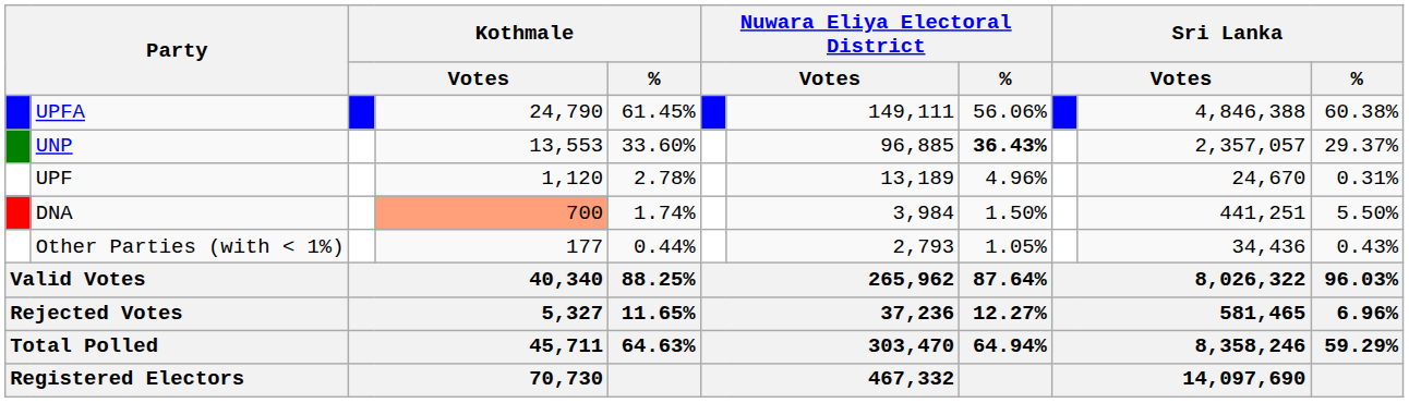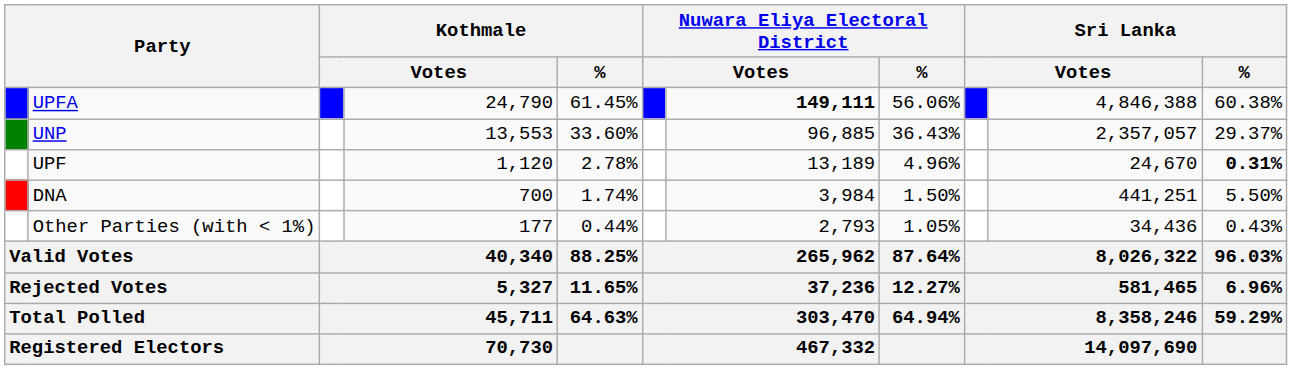 <table class="wikitable">
 <tr>
 <th colspan="2" width="144px"rowspan="2">Party</th>
 <th colspan="3" width="216px">Kothmale</th>
 <th colspan="3" width="216px"><a href='#'>Nuwara Eliya Electoral District</a></th>
 <th colspan="3" width="216px">Sri Lanka</th>
 </tr>
 <tr>
 <th colspan="2" width="144px">Votes</th>
 <th>%</th>
 <th colspan="2" width="144px">Votes</th>
 <th>%</th>
 <th colspan="2" width="144px">Votes</th>
 <th>%</th>
 </tr>
 <tr>
 <td style="background-color:blue;" width="10px"></td>
 <td style="text-align:left;"><a href='#'>UPFA</a></td>
 <td style="background-color:blue;" width="10px"></td>
 <td style="text-align:right;">24,790</td>
 <td style="text-align:right;">61.45%</td>
 <td style="background-color:blue;" width="10px"></td>
-<td style="text-align:right;">149,111</td>
+<td style="text-align:right;"><strong>149,111</strong></td>
 <td style="text-align:right;">56.06%</td>
 <td style="background-color:blue;" width="10px"></td>
 <td style="text-align:right;">4,846,388</td>
 <td style="text-align:right;">60.38%</td>
 </tr>
 <tr>
 <td style="background-color:green;" width="10px"></td>
 <td style="text-align:left;"><a href='#'>UNP</a></td>
 <td style="background-color:white;" width="10px"></td>
 <td style="text-align:right;">13,553</td>
 <td style="text-align:right;">33.60%</td>
 <td style="background-color:white;" width="10px"></td>
 <td style="text-align:right;">96,885</td>
-<td style="text-align:right;"><strong>36.43%</strong></td>
+<td style="text-align:right;">36.43%</td>
 <td style="background-color:white;" width="10px"></td>
 <td style="text-align:right;">2,357,057</td>
 <td style="text-align:right;">29.37%</td>
 </tr>
 <tr>
 <td style="background-color:white;" width="10px"></td>
 <td style="text-align:left;">UPF</td>
 <td style="background-color:white;" width="10px"></td>
 <td style="text-align:right;">1,120</td>
 <td style="text-align:right;">2.78%</td>
 <td style="background-color:white;" width="10px"></td>
 <td style="text-align:right;">13,189</td>
 <td style="text-align:right;">4.96%</td>
 <td style="background-color:white;" width="10px"></td>
 <td style="text-align:right;">24,670</td>
-<td style="text-align:right;">0.31%</td>
+<td style="text-align:right;"><strong>0.31%</strong></td>
 </tr>
 <tr>
 <td style="background-color:red;" width="10px"></td>
 <td style="text-align:left;">DNA</td>
 <td style="background-color:white;" width="10px"></td>
-<td style="background: lightsalmon; text-align:right;">700</td>
+<td style="text-align:right;">700</td>
 <td style="text-align:right;">1.74%</td>
 <td style="background-color:white;" width="10px"></td>
 <td style="text-align:right;">3,984</td>
 <td style="text-align:right;">1.50%</td>
 <td style="background-color:white;" width="10px"></td>
 <td style="text-align:right;">441,251</td>
 <td style="text-align:right;">5.50%</td>
 </tr>
 <tr>
 <td style="background-color:white;" width="10px"></td>
 <td style="text-align:left;">Other Parties (with < 1%)</td>
 <td style="background-color:white;" width="10px"></td>
 <td style="text-align:right;">177</td>
 <td style="text-align:right;">0.44%</td>
 <td style="background-color:white;" width="10px"></td>
 <td style="text-align:right;">2,793</td>
 <td style="text-align:right;">1.05%</td>
 <td style="background-color:white;" width="10px"></td>
 <td style="text-align:right;">34,436</td>
 <td style="text-align:right;">0.43%</td>
 </tr>
 <tr>
 <th colspan="2" width="144px"style="text-align:left;">Valid Votes</th>
 <th style="text-align:right;"colspan="2" width="144px">40,340</th>
 <th style="text-align:right;">88.25%</th>
 <th style="text-align:right;"colspan="2" width="144px">265,962</th>
 <th style="text-align:right;">87.64%</th>
 <th style="text-align:right;"colspan="2" width="144px">8,026,322</th>
 <th style="text-align:right;">96.03%</th>
 </tr>
 <tr>
 <th colspan="2" width="144px"style="text-align:left;">Rejected Votes</th>
 <th style="text-align:right;"colspan="2" width="144px">5,327</th>
 <th style="text-align:right;">11.65%</th>
 <th style="text-align:right;"colspan="2" width="144px">37,236</th>
 <th style="text-align:right;">12.27%</th>
 <th style="text-align:right;"colspan="2" width="144px">581,465</th>
 <th style="text-align:right;">6.96%</th>
 </tr>
 <tr>
 <th colspan="2" width="144px"style="text-align:left;">Total Polled</th>
 <th style="text-align:right;"colspan="2" width="144px">45,711</th>
 <th style="text-align:right;">64.63%</th>
 <th style="text-align:right;"colspan="2" width="144px">303,470</th>
 <th style="text-align:right;">64.94%</th>
 <th style="text-align:right;"colspan="2" width="144px">8,358,246</th>
 <th style="text-align:right;">59.29%</th>
 </tr>
 <tr>
 <th colspan="2" width="144px"style="text-align:left;">Registered Electors</th>
 <th style="text-align:right;"colspan="2" width="144px">70,730</th>
 <th></th>
 <th style="text-align:right;"colspan="2" width="144px">467,332</th>
 <th></th>
 <th style="text-align:right;"colspan="2" width="144px">14,097,690</th>
 <th></th>
 </tr>
 </table>
